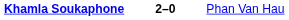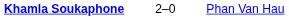 <table>
 <tr>
 <th width=400></th>
 <th width=100></th>
 <th width=400></th>
 </tr>
 <tr>
 <td align=right><strong><a href='#'>Khamla Soukaphone</a> </strong></td>
-<td align=center><strong>2–0</strong></td>
+<td align=center>2–0</td>
 <td> <a href='#'>Phan Van Hau</a></td>
 </tr>
 </table>
